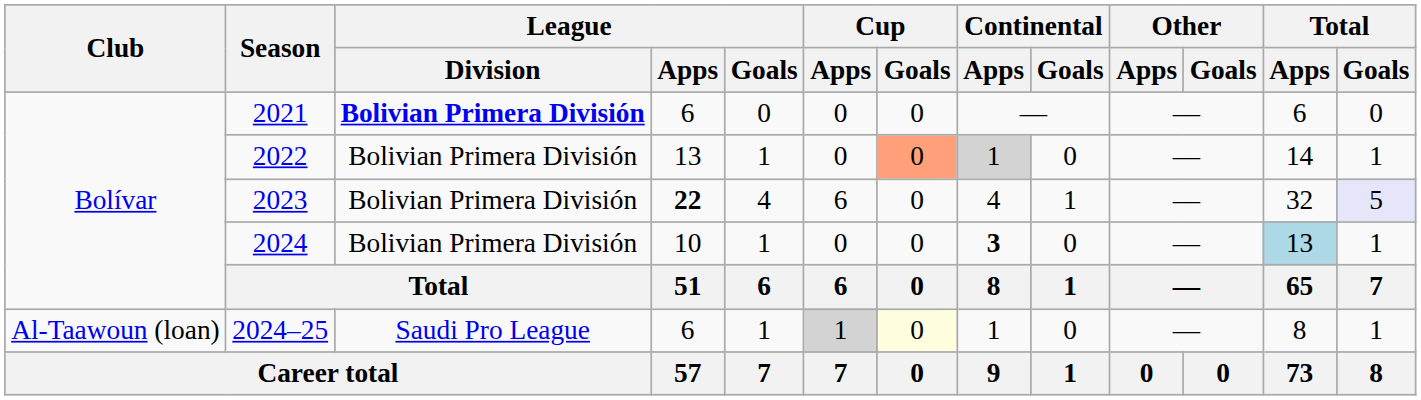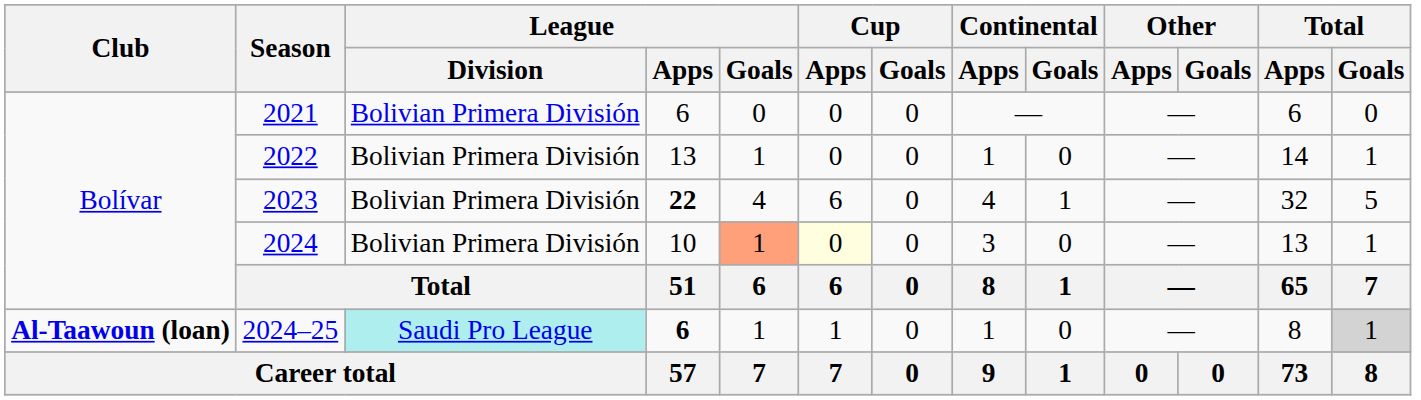 <table class="wikitable" style="text-align:center">
 <tr>
 <th rowspan="2">Club</th>
 <th rowspan="2">Season</th>
 <th colspan="3">League</th>
 <th colspan="2">Cup</th>
 <th colspan="2">Continental</th>
 <th colspan="2">Other</th>
 <th colspan="2">Total</th>
 </tr>
 <tr>
 <th>Division</th>
 <th>Apps</th>
 <th>Goals</th>
 <th>Apps</th>
 <th>Goals</th>
 <th>Apps</th>
 <th>Goals</th>
 <th>Apps</th>
 <th>Goals</th>
 <th>Apps</th>
 <th>Goals</th>
 </tr>
 <tr>
 <td rowspan="5"><a href='#'>Bolívar</a></td>
 <td><a href='#'>2021</a></td>
-<td><strong><a href='#'>Bolivian Primera División</a></strong></td>
+<td><a href='#'>Bolivian Primera División</a></td>
 <td>6</td>
 <td>0</td>
 <td>0</td>
 <td>0</td>
 <td colspan="2">—</td>
 <td colspan="2">—</td>
 <td>6</td>
 <td>0</td>
 </tr>
 <tr>
 <td><a href='#'>2022</a></td>
 <td>Bolivian Primera División</td>
 <td>13</td>
 <td>1</td>
 <td>0</td>
-<td style="background: lightsalmon;">0</td>
-<td style="background: lightgrey;">1</td>
+<td>0</td>
+<td>1</td>
 <td>0</td>
 <td colspan="2">—</td>
 <td>14</td>
 <td>1</td>
 </tr>
 <tr>
 <td><a href='#'>2023</a></td>
 <td>Bolivian Primera División</td>
 <td><strong>22</strong></td>
 <td>4</td>
 <td>6</td>
 <td>0</td>
 <td>4</td>
 <td>1</td>
 <td colspan="2">—</td>
 <td>32</td>
-<td style="background: lavender;">5</td>
+<td>5</td>
 </tr>
 <tr>
 <td><a href='#'>2024</a></td>
 <td>Bolivian Primera División</td>
 <td>10</td>
-<td>1</td>
+<td style="background: lightsalmon;">1</td>
+<td style="background: lightyellow;">0</td>
 <td>0</td>
-<td>0</td>
-<td><strong>3</strong></td>
+<td>3</td>
 <td>0</td>
 <td colspan="2">—</td>
-<td style="background: lightblue;">13</td>
+<td>13</td>
 <td>1</td>
 </tr>
 <tr>
 <th colspan="2">Total</th>
 <th>51</th>
 <th>6</th>
 <th>6</th>
 <th>0</th>
 <th>8</th>
 <th>1</th>
 <th colspan="2">—</th>
 <th>65</th>
 <th>7</th>
 </tr>
 <tr>
-<td><a href='#'>Al-Taawoun</a> (loan)</td>
+<td><strong><a href='#'>Al-Taawoun</a> (loan)</strong></td>
 <td><a href='#'>2024–25</a></td>
-<td><a href='#'>Saudi Pro League</a></td>
-<td>6</td>
+<td style="background: paleturquoise;"><a href='#'>Saudi Pro League</a></td>
+<td><strong>6</strong></td>
 <td>1</td>
-<td style="background: lightgrey;">1</td>
-<td style="background: lightyellow;">0</td>
+<td>1</td>
+<td>0</td>
 <td>1</td>
 <td>0</td>
 <td colspan="2">—</td>
 <td>8</td>
-<td>1</td>
+<td style="background: lightgrey;">1</td>
 </tr>
 <tr>
 <th colspan="3">Career total</th>
 <th>57</th>
 <th>7</th>
 <th>7</th>
 <th>0</th>
 <th>9</th>
 <th>1</th>
 <th>0</th>
 <th>0</th>
 <th>73</th>
 <th>8</th>
 </tr>
 </table>
